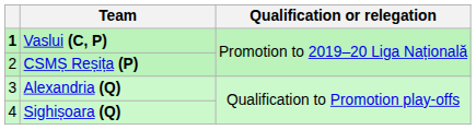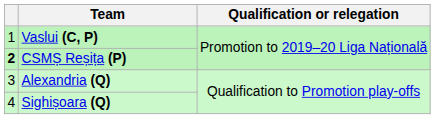 <table class="wikitable sortable" style="text-align:center">
 <tr>
 <th></th>
 <th width="200">Team</th>
 <th>Qualification or relegation</th>
 </tr>
 <tr style="background: #BBF3BB;">
-<td><strong>1</strong></td>
+<td>1</td>
 <td align=left><a href='#'>Vaslui</a> <strong>(C, P)</strong></td>
 <td rowspan=2>Promotion to <a href='#'>2019–20 Liga Națională</a></td>
 </tr>
 <tr style="background: #BBF3BB;">
-<td>2</td>
+<td><strong>2</strong></td>
 <td align=left><a href='#'>CSMȘ Reșița</a> <strong>(P)</strong></td>
 </tr>
 <tr style="background: #CCF9CC;">
 <td>3</td>
 <td align=left><a href='#'>Alexandria</a> <strong>(Q)</strong></td>
 <td rowspan=2>Qualification to <a href='#'>Promotion play-offs</a></td>
 </tr>
 <tr style="background: #CCF9CC;">
 <td>4</td>
 <td align=left><a href='#'>Sighișoara</a> <strong>(Q)</strong></td>
 </tr>
 </table>
